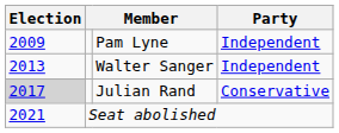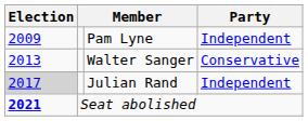 <table class="wikitable">
 <tr>
 <th>Election</th>
 <th colspan="2">Member</th>
 <th>Party</th>
 </tr>
 <tr>
 <td><a href='#'>2009</a></td>
 <td rowspan="1" style="background-color: "></td>
 <td rowspan="1">Pam Lyne</td>
 <td rowspan="1"><a href='#'>Independent</a></td>
 </tr>
 <tr>
 <td><a href='#'>2013</a></td>
 <td rowspan="1" style="background-color: "></td>
 <td rowspan="1">Walter Sanger</td>
-<td rowspan="1"><a href='#'>Independent</a></td>
+<td rowspan="1"><a href='#'>Conservative</a></td>
 </tr>
 <tr>
 <td style="background: lightgrey;"><a href='#'>2017</a></td>
 <td rowspan="1" style="background-color: "></td>
 <td rowspan="1">Julian Rand</td>
-<td rowspan="1"><a href='#'>Conservative</a></td>
+<td rowspan="1"><a href='#'>Independent</a></td>
 </tr>
 <tr>
-<td><a href='#'>2021</a></td>
+<td><strong><a href='#'>2021</a></strong></td>
 <td colspan="3"><em>Seat abolished</em></td>
 </tr>
 </table>
